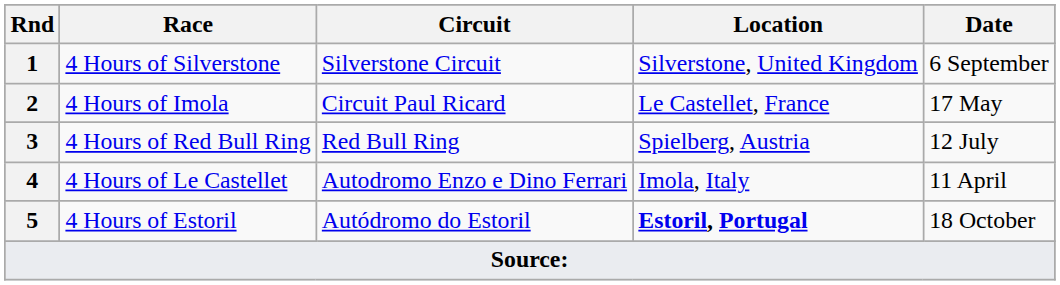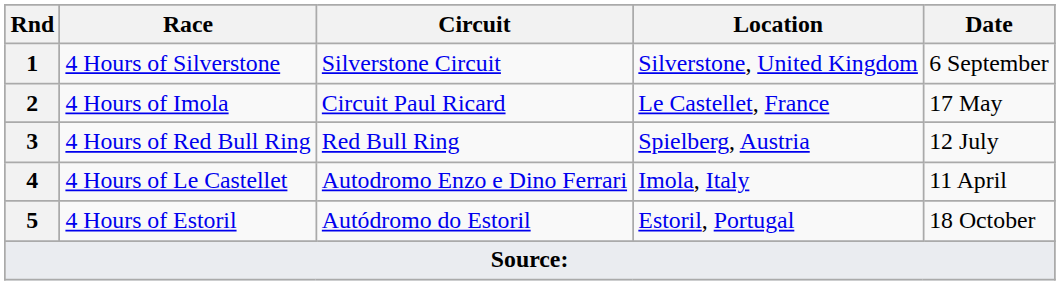 <table class="wikitable" style="font-size: 85%;">
 <tr>
 <th>Rnd</th>
 <th>Race</th>
 <th>Circuit</th>
 <th>Location</th>
 <th>Date</th>
 </tr>
 <tr>
 <th>1</th>
 <td><a href='#'>4 Hours of Silverstone</a></td>
 <td> <a href='#'>Silverstone Circuit</a></td>
 <td><a href='#'>Silverstone</a>, <a href='#'>United Kingdom</a></td>
 <td>6 September</td>
 </tr>
 <tr>
 <th>2</th>
 <td><a href='#'>4 Hours of Imola</a></td>
 <td> <a href='#'>Circuit Paul Ricard</a></td>
 <td><a href='#'>Le Castellet</a>, <a href='#'>France</a></td>
 <td>17 May</td>
 </tr>
 <tr>
 <th>3</th>
 <td><a href='#'>4 Hours of Red Bull Ring</a></td>
 <td> <a href='#'>Red Bull Ring</a></td>
 <td><a href='#'>Spielberg</a>, <a href='#'>Austria</a></td>
 <td>12 July</td>
 </tr>
 <tr>
 <th>4</th>
 <td><a href='#'>4 Hours of Le Castellet</a></td>
 <td> <a href='#'>Autodromo Enzo e Dino Ferrari</a></td>
 <td><a href='#'>Imola</a>, <a href='#'>Italy</a></td>
 <td>11 April</td>
 </tr>
 <tr>
 <th>5</th>
 <td><a href='#'>4 Hours of Estoril</a></td>
 <td> <a href='#'>Autódromo do Estoril</a></td>
-<td><strong><a href='#'>Estoril</a>, <a href='#'>Portugal</a></strong></td>
+<td><a href='#'>Estoril</a>, <a href='#'>Portugal</a></td>
 <td>18 October</td>
 </tr>
 <tr class="sortbottom">
 <td colspan="5" style="background-color:#EAECF0;text-align:center"><strong>Source:</strong></td>
 </tr>
 </table>
